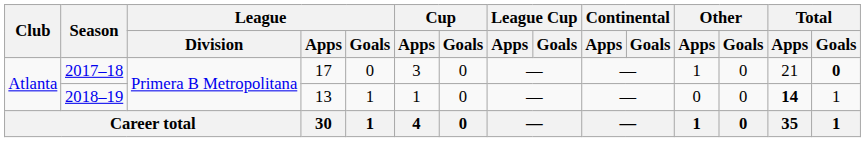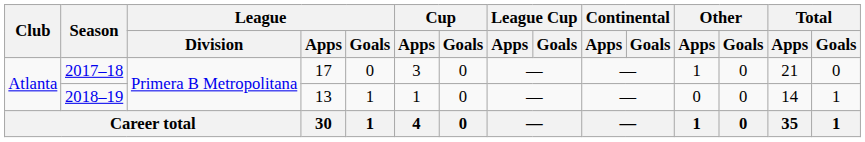 <table class="wikitable" style="text-align:center">
 <tr>
 <th rowspan="2">Club</th>
 <th rowspan="2">Season</th>
 <th colspan="3">League</th>
 <th colspan="2">Cup</th>
 <th colspan="2">League Cup</th>
 <th colspan="2">Continental</th>
 <th colspan="2">Other</th>
 <th colspan="2">Total</th>
 </tr>
 <tr>
 <th>Division</th>
 <th>Apps</th>
 <th>Goals</th>
 <th>Apps</th>
 <th>Goals</th>
 <th>Apps</th>
 <th>Goals</th>
 <th>Apps</th>
 <th>Goals</th>
 <th>Apps</th>
 <th>Goals</th>
 <th>Apps</th>
 <th>Goals</th>
 </tr>
 <tr>
 <td rowspan="2"><a href='#'>Atlanta</a></td>
 <td><a href='#'>2017–18</a></td>
 <td rowspan="2"><a href='#'>Primera B Metropolitana</a></td>
 <td>17</td>
 <td>0</td>
 <td>3</td>
 <td>0</td>
 <td colspan="2">—</td>
 <td colspan="2">—</td>
 <td>1</td>
 <td>0</td>
 <td>21</td>
-<td><strong>0</strong></td>
+<td>0</td>
 </tr>
 <tr>
 <td><a href='#'>2018–19</a></td>
 <td>13</td>
 <td>1</td>
 <td>1</td>
 <td>0</td>
 <td colspan="2">—</td>
 <td colspan="2">—</td>
 <td>0</td>
 <td>0</td>
-<td><strong>14</strong></td>
+<td>14</td>
 <td>1</td>
 </tr>
 <tr>
 <th colspan="3">Career total</th>
 <th>30</th>
 <th>1</th>
 <th>4</th>
 <th>0</th>
 <th colspan="2">—</th>
 <th colspan="2">—</th>
 <th>1</th>
 <th>0</th>
 <th>35</th>
 <th>1</th>
 </tr>
 </table>
